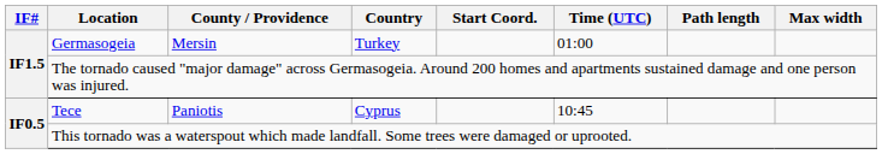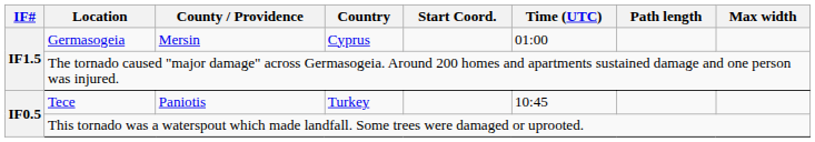 <table class="wikitable sortable" style="width:100%;">
 <tr>
 <th scope="col" width="2%" align="center"><a href='#'>IF#</a></th>
 <th scope="col" align="center" class="unsortable">Location</th>
 <th scope="col" align="center" class="unsortable">County / Providence</th>
 <th scope="col" align="center">Country</th>
 <th scope="col" align="center">Start Coord.</th>
 <th scope="col" align="center">Time (<a href='#'>UTC</a>)</th>
 <th scope="col" align="center">Path length</th>
 <th scope="col" align="center">Max width</th>
 </tr>
 <tr>
 <th scope="row" rowspan="2" style="background-color:#">IF1.5</th>
 <td><a href='#'>Germasogeia</a></td>
 <td><a href='#'>Mersin</a></td>
-<td><a href='#'>Turkey</a></td>
+<td><a href='#'>Cyprus</a></td>
 <td></td>
 <td>01:00</td>
 <td></td>
 <td></td>
 </tr>
 <tr class="expand-child">
 <td colspan="8" style=" border-bottom: 1px solid black;">The tornado caused "major damage" across Germasogeia. Around 200 homes and apartments sustained damage and one person was injured.</td>
 </tr>
 <tr>
 <th scope="row" rowspan="2" style="background-color:#">IF0.5</th>
 <td><a href='#'>Tece</a></td>
 <td><a href='#'>Paniotis</a></td>
-<td><a href='#'>Cyprus</a></td>
+<td><a href='#'>Turkey</a></td>
 <td></td>
 <td>10:45</td>
 <td></td>
 <td></td>
 </tr>
 <tr class="expand-child">
 <td colspan="8" style=" border-bottom: 1px solid black;">This tornado was a waterspout which made landfall. Some trees were damaged or uprooted.</td>
 </tr>
 </table>
